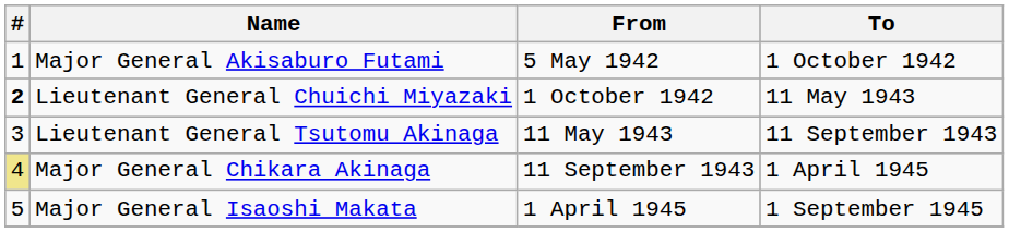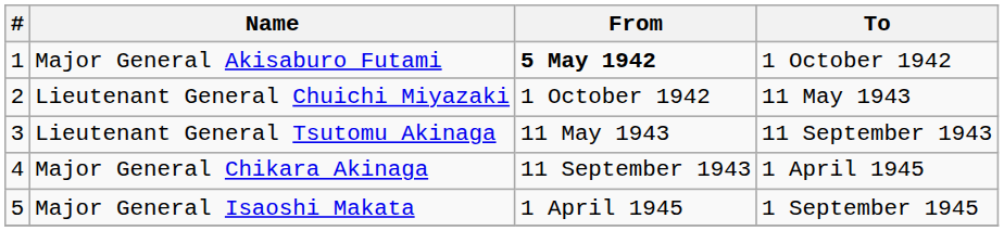 <table class=wikitable>
 <tr>
 <th>#</th>
 <th>Name</th>
 <th>From</th>
 <th>To</th>
 </tr>
 <tr>
 <td>1</td>
 <td>Major General <a href='#'>Akisaburo Futami</a></td>
-<td>5 May 1942</td>
+<td><strong>5 May 1942</strong></td>
 <td>1 October 1942</td>
 </tr>
 <tr>
-<td><strong>2</strong></td>
+<td>2</td>
 <td>Lieutenant General <a href='#'>Chuichi Miyazaki</a></td>
 <td>1 October 1942</td>
 <td>11 May 1943</td>
 </tr>
 <tr>
 <td>3</td>
 <td>Lieutenant General <a href='#'>Tsutomu Akinaga</a></td>
 <td>11 May 1943</td>
 <td>11 September 1943</td>
 </tr>
 <tr>
-<td style="background: khaki;">4</td>
+<td>4</td>
 <td>Major General <a href='#'>Chikara Akinaga</a></td>
 <td>11 September 1943</td>
 <td>1 April 1945</td>
 </tr>
 <tr>
 <td>5</td>
 <td>Major General <a href='#'>Isaoshi Makata</a></td>
 <td>1 April 1945</td>
 <td>1 September 1945</td>
 </tr>
 <tr>
 </tr>
 </table>
